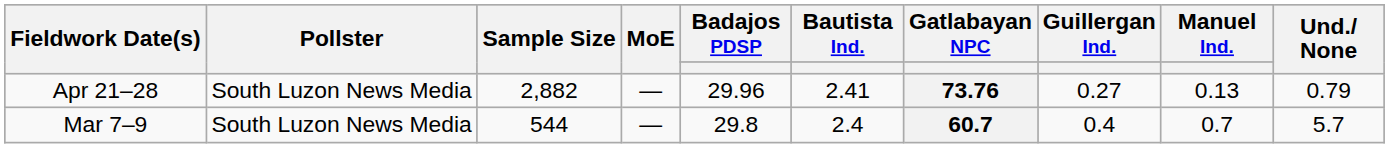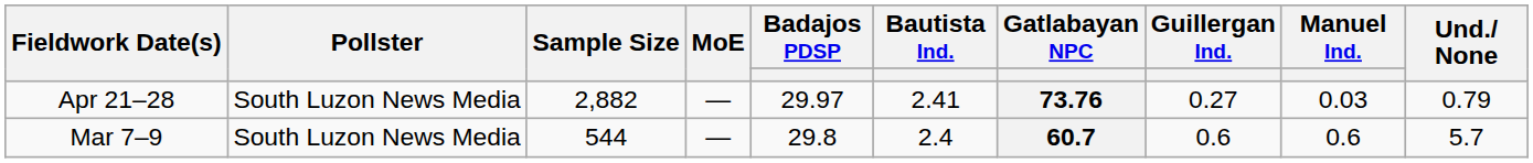 <table class="wikitable" style="text-align:center;font-size:85%;line-height:14px">
 <tr>
 <th rowspan="2">Fieldwork Date(s)</th>
 <th rowspan="2">Pollster</th>
 <th rowspan="2">Sample Size</th>
 <th rowspan="2">MoE</th>
 <th style="width:60px;">Badajos<br><small><a href='#'>PDSP</a></small></th>
 <th style="width:60px;">Bautista<br><small><a href='#'>Ind.</a></small></th>
 <th style="width:60px;">Gatlabayan<br><small><a href='#'>NPC</a></small></th>
 <th style="width:60px;">Guillergan<br><small><a href='#'>Ind.</a></small></th>
 <th style="width:60px;">Manuel<br><small><a href='#'>Ind.</a></small></th>
 <th rowspan="2" style="width:60px;">Und./<br>None</th>
 </tr>
 <tr>
 <th style="background:"></th>
 <th style="background:"></th>
 <th style="background:"></th>
 <th style="background:"></th>
 <th style="background:"></th>
 </tr>
 <tr>
 <td>Apr 21–28</td>
 <td>South Luzon News Media</td>
 <td>2,882</td>
 <td>—</td>
-<td>29.96</td>
+<td>29.97</td>
 <td>2.41</td>
 <th style="background-color:#"><strong>73.76</strong></th>
 <td>0.27</td>
-<td>0.13</td>
+<td>0.03</td>
 <td>0.79</td>
 </tr>
 <tr>
 <td>Mar 7–9</td>
 <td>South Luzon News Media</td>
 <td>544</td>
 <td>—</td>
 <td>29.8</td>
 <td>2.4</td>
 <th style="background-color:#"><strong>60.7</strong></th>
-<td>0.4</td>
-<td>0.7</td>
+<td>0.6</td>
+<td>0.6</td>
 <td>5.7</td>
 </tr>
 </table>
